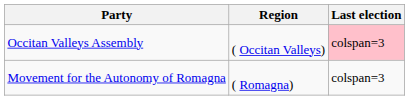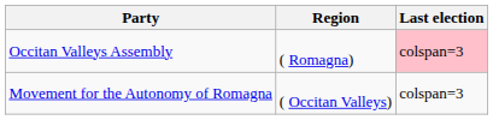 <table class="wikitable sortable">
 <tr>
 <th>Party</th>
 <th>Region</th>
 <th colspan=3>Last election</th>
 </tr>
 <tr>
 <td><a href='#'>Occitan Valleys Assembly</a></td>
-<td><br>( <a href='#'>Occitan Valleys</a>)</td>
+<td><br>( <a href='#'>Romagna</a>)</td>
 <td style="background: pink;">colspan=3 </td>
 </tr>
 <tr>
 <td><a href='#'>Movement for the Autonomy of Romagna</a></td>
-<td><br>( <a href='#'>Romagna</a>)</td>
+<td><br>( <a href='#'>Occitan Valleys</a>)</td>
 <td>colspan=3 </td>
 </tr>
 </table>
